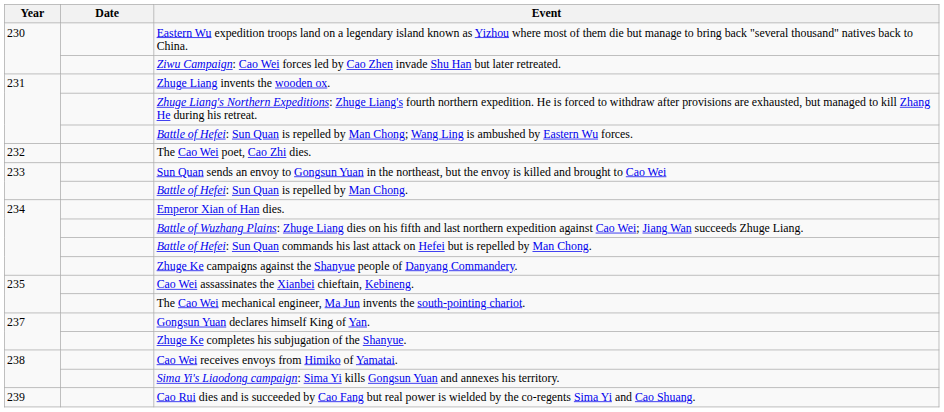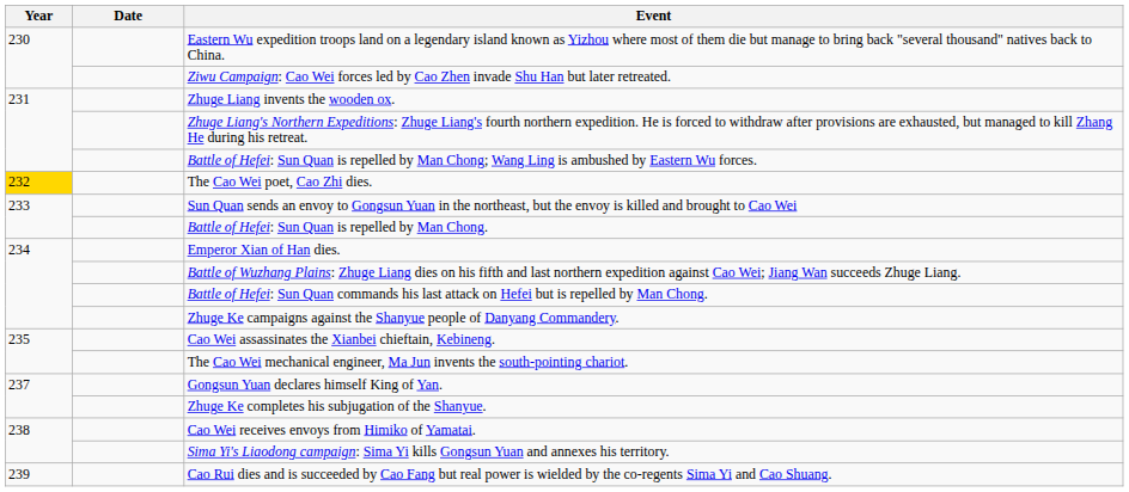 <table class="wikitable" style="width:100%;">
 <tr>
 <th style="width:6%">Year</th>
 <th style="width:10%">Date</th>
 <th>Event</th>
 </tr>
 <tr>
 <td rowspan="2" style="vertical-align:top;">230</td>
 <td></td>
 <td><a href='#'>Eastern Wu</a> expedition troops land on a legendary island known as <a href='#'>Yizhou</a> where most of them die but manage to bring back "several thousand" natives back to China.</td>
 </tr>
 <tr>
 <td></td>
 <td><em><a href='#'>Ziwu Campaign</a></em>: <a href='#'>Cao Wei</a> forces led by <a href='#'>Cao Zhen</a> invade <a href='#'>Shu Han</a> but later retreated.</td>
 </tr>
 <tr>
 <td rowspan="3" style="vertical-align:top;">231</td>
 <td></td>
 <td><a href='#'>Zhuge Liang</a> invents the <a href='#'>wooden ox</a>.</td>
 </tr>
 <tr>
 <td></td>
 <td><em><a href='#'>Zhuge Liang's Northern Expeditions</a></em>: <a href='#'>Zhuge Liang's</a> fourth northern expedition. He is forced to withdraw after provisions are exhausted, but managed to kill <a href='#'>Zhang He</a> during his retreat.</td>
 </tr>
 <tr>
 <td></td>
 <td><a href='#'><em>Battle of Hefei</em></a>: <a href='#'>Sun Quan</a> is repelled by <a href='#'>Man Chong</a>; <a href='#'>Wang Ling</a> is ambushed by <a href='#'>Eastern Wu</a> forces.</td>
 </tr>
 <tr>
-<td>232</td>
+<td style="background: gold;">232</td>
 <td></td>
 <td>The <a href='#'>Cao Wei</a> poet, <a href='#'>Cao Zhi</a> dies.</td>
 </tr>
 <tr>
 <td rowspan="2" style="vertical-align:top;">233</td>
 <td></td>
 <td><a href='#'>Sun Quan</a> sends an envoy to <a href='#'>Gongsun Yuan</a> in the northeast, but the envoy is killed and brought to <a href='#'>Cao Wei</a></td>
 </tr>
 <tr>
 <td></td>
 <td><a href='#'><em>Battle of Hefei</em></a>: <a href='#'>Sun Quan</a> is repelled by <a href='#'>Man Chong</a>.</td>
 </tr>
 <tr>
 <td rowspan="4" style="vertical-align:top;">234</td>
 <td></td>
 <td><a href='#'>Emperor Xian of Han</a> dies.</td>
 </tr>
 <tr>
 <td></td>
 <td><em><a href='#'>Battle of Wuzhang Plains</a></em>: <a href='#'>Zhuge Liang</a> dies on his fifth and last northern expedition against <a href='#'>Cao Wei</a>; <a href='#'>Jiang Wan</a> succeeds Zhuge Liang.</td>
 </tr>
 <tr>
 <td></td>
 <td><a href='#'><em>Battle of Hefei</em></a>: <a href='#'>Sun Quan</a> commands his last attack on <a href='#'>Hefei</a> but is repelled by <a href='#'>Man Chong</a>.</td>
 </tr>
 <tr>
 <td></td>
 <td><a href='#'>Zhuge Ke</a> campaigns against the <a href='#'>Shanyue</a> people of <a href='#'>Danyang Commandery</a>.</td>
 </tr>
 <tr>
 <td rowspan="2" style="vertical-align:top;">235</td>
 <td></td>
 <td><a href='#'>Cao Wei</a> assassinates the <a href='#'>Xianbei</a> chieftain, <a href='#'>Kebineng</a>.</td>
 </tr>
 <tr>
 <td></td>
 <td>The <a href='#'>Cao Wei</a> mechanical engineer, <a href='#'>Ma Jun</a> invents the <a href='#'>south-pointing chariot</a>.</td>
 </tr>
 <tr>
 <td rowspan="2" style="vertical-align:top;">237</td>
 <td></td>
 <td><a href='#'>Gongsun Yuan</a> declares himself King of <a href='#'>Yan</a>.</td>
 </tr>
 <tr>
 <td></td>
 <td><a href='#'>Zhuge Ke</a> completes his subjugation of the <a href='#'>Shanyue</a>.</td>
 </tr>
 <tr>
 <td rowspan="2" style="vertical-align:top;">238</td>
 <td></td>
 <td><a href='#'>Cao Wei</a> receives envoys from <a href='#'>Himiko</a> of <a href='#'>Yamatai</a>.</td>
 </tr>
 <tr>
 <td></td>
 <td><em><a href='#'>Sima Yi's Liaodong campaign</a></em>: <a href='#'>Sima Yi</a> kills <a href='#'>Gongsun Yuan</a> and annexes his territory.</td>
 </tr>
 <tr>
 <td>239</td>
 <td></td>
 <td><a href='#'>Cao Rui</a> dies and is succeeded by <a href='#'>Cao Fang</a> but real power is wielded by the co-regents <a href='#'>Sima Yi</a> and <a href='#'>Cao Shuang</a>.</td>
 </tr>
 </table>
